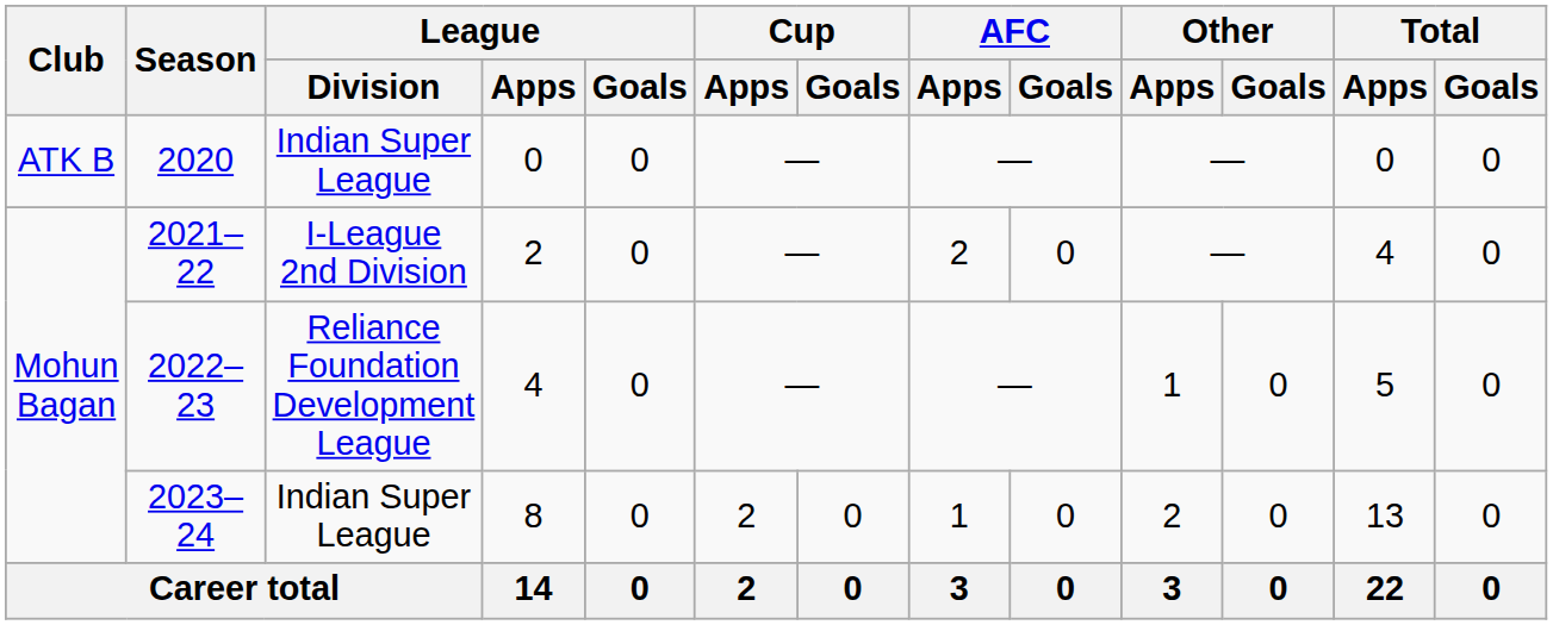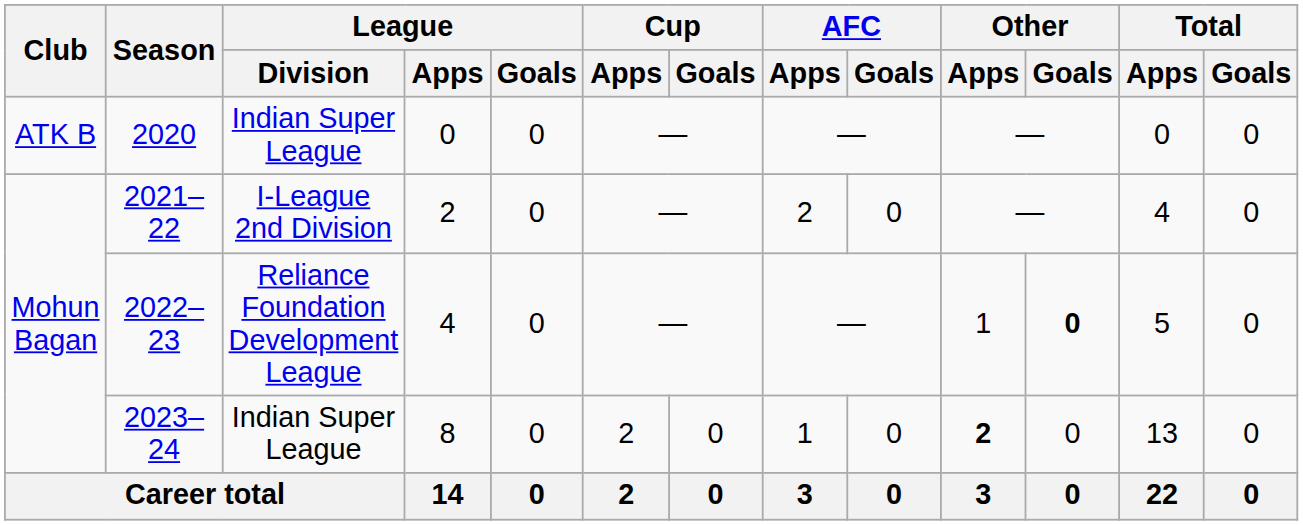 <table class="wikitable" style="text-align: center;">
 <tr>
 <th rowspan="2">Club</th>
 <th rowspan="2">Season</th>
 <th colspan="3">League</th>
 <th colspan="2">Cup</th>
 <th colspan="2"><a href='#'>AFC</a></th>
 <th colspan="2">Other</th>
 <th colspan="2">Total</th>
 </tr>
 <tr>
 <th>Division</th>
 <th>Apps</th>
 <th>Goals</th>
 <th>Apps</th>
 <th>Goals</th>
 <th>Apps</th>
 <th>Goals</th>
 <th>Apps</th>
 <th>Goals</th>
 <th>Apps</th>
 <th>Goals</th>
 </tr>
 <tr>
 <td rowspan="1"><a href='#'>ATK B</a></td>
 <td><a href='#'>2020</a></td>
 <td><a href='#'>Indian Super League</a></td>
 <td>0</td>
 <td>0</td>
 <td colspan="2">—</td>
 <td colspan="2">—</td>
 <td colspan="2">—</td>
 <td>0</td>
 <td>0</td>
 </tr>
 <tr>
 <td rowspan="3"><a href='#'>Mohun Bagan</a></td>
 <td><a href='#'>2021–22</a></td>
 <td rowspan="1"><a href='#'>I-League 2nd Division</a></td>
 <td>2</td>
 <td>0</td>
 <td colspan="2">—</td>
 <td>2</td>
 <td>0</td>
 <td colspan="2">—</td>
 <td>4</td>
 <td>0</td>
 </tr>
 <tr>
 <td><a href='#'>2022–23</a></td>
 <td><a href='#'>Reliance Foundation Development League</a></td>
 <td>4</td>
 <td>0</td>
 <td colspan="2">—</td>
 <td colspan="2">—</td>
 <td>1</td>
-<td>0</td>
+<td><strong>0</strong></td>
 <td>5</td>
 <td>0</td>
 </tr>
 <tr>
 <td><a href='#'>2023–24</a></td>
 <td>Indian Super League</td>
 <td>8</td>
 <td>0</td>
 <td>2</td>
 <td>0</td>
 <td>1</td>
 <td>0</td>
-<td>2</td>
+<td><strong>2</strong></td>
 <td>0</td>
 <td>13</td>
 <td>0</td>
 </tr>
 <tr>
 <th colspan="3">Career total</th>
 <th>14</th>
 <th>0</th>
 <th>2</th>
 <th>0</th>
 <th>3</th>
 <th>0</th>
 <th>3</th>
 <th>0</th>
 <th>22</th>
 <th>0</th>
 </tr>
 </table>
